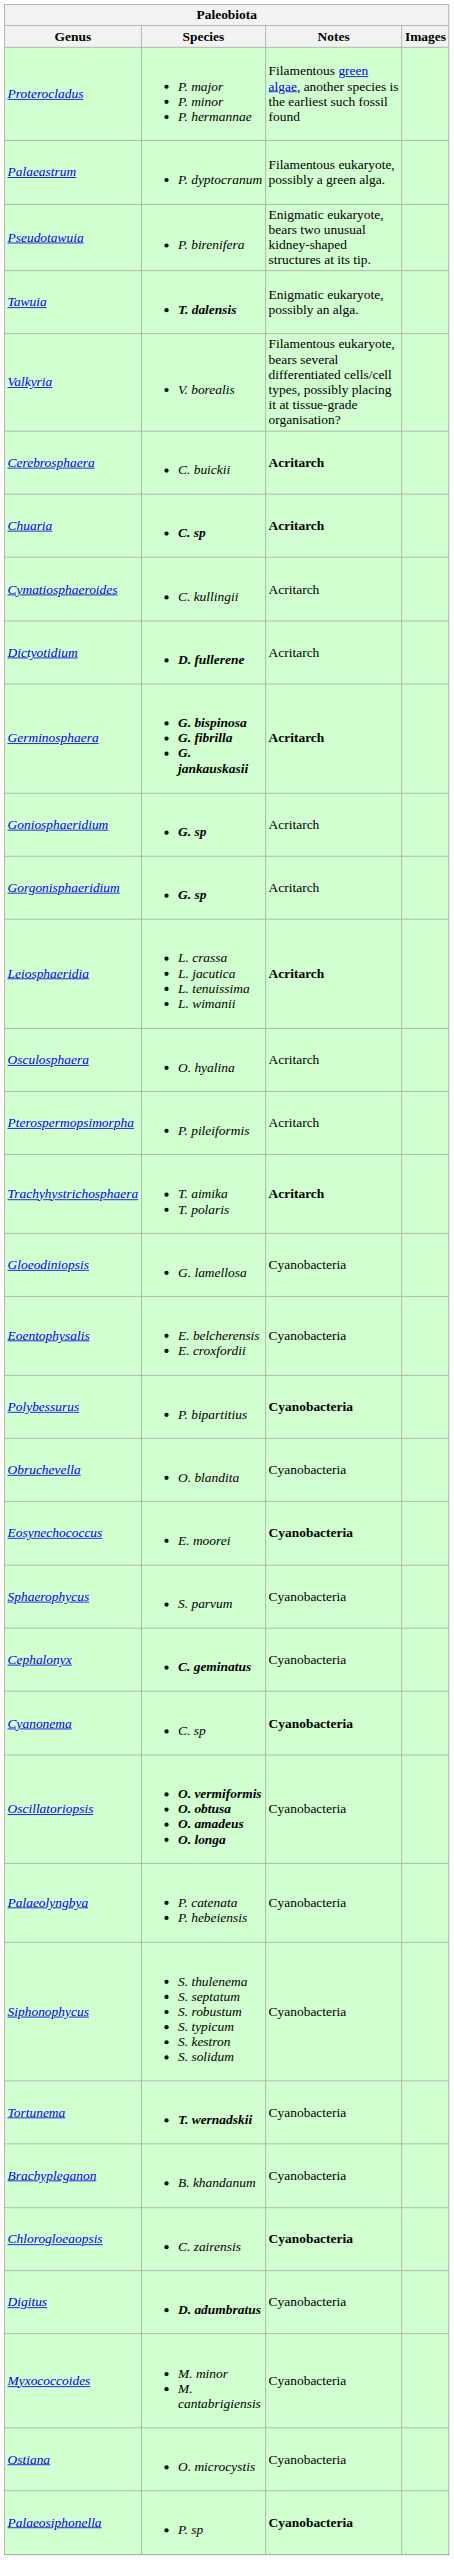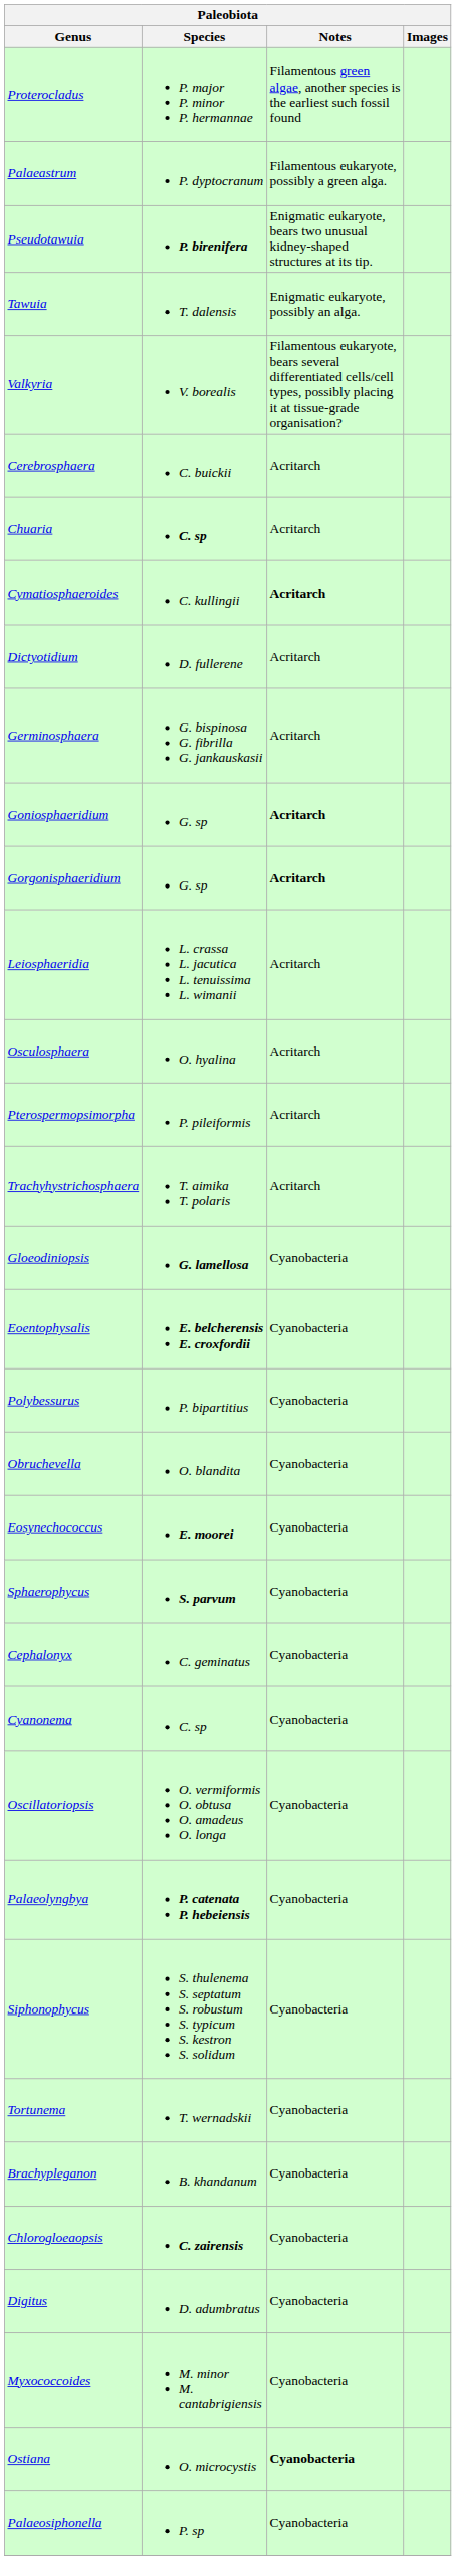 <table class="wikitable sortable" style="background:white; width:60%;">
 <tr>
 <th colspan="5" align="center">Paleobiota</th>
 </tr>
 <tr>
 <th>Genus</th>
 <th>Species</th>
 <th>Notes</th>
 <th>Images</th>
 </tr>
 <tr>
 <td style="background:#D1FFCF;"><em><a href='#'>Proterocladus</a></em></td>
 <td style="background:#D1FFCF;"><br><ul><li><em>P. major</em></li><li><em>P. minor</em></li><li><em>P. hermannae</em></li></ul></td>
 <td style="background:#D1FFCF;">Filamentous <a href='#'>green algae</a>, another species is the earliest such fossil found</td>
 <td style="background:#D1FFCF;"></td>
 </tr>
 <tr>
 <td style="background:#D1FFCF;"><em><a href='#'>Palaeastrum</a></em></td>
 <td style="background:#D1FFCF;"><br><ul><li><em>P. dyptocranum</em></li></ul></td>
 <td style="background:#D1FFCF;">Filamentous eukaryote, possibly a green alga.</td>
 <td style="background:#D1FFCF;"></td>
 </tr>
 <tr>
 <td style="background:#D1FFCF;"><em><a href='#'>Pseudotawuia</a></em></td>
-<td style="background:#D1FFCF;"><br><ul><li><em>P. birenifera</em></li></ul></td>
+<td style="background:#D1FFCF;"><strong><br><ul><li><em>P. birenifera</em></li></ul></strong></td>
 <td style="background:#D1FFCF;">Enigmatic eukaryote, bears two unusual kidney-shaped structures at its tip.</td>
 <td style="background:#D1FFCF;"></td>
 </tr>
 <tr>
 <td style="background:#D1FFCF;"><em><a href='#'>Tawuia</a></em></td>
-<td style="background:#D1FFCF;"><strong><br><ul><li><em>T. dalensis</em></li></ul></strong></td>
+<td style="background:#D1FFCF;"><br><ul><li><em>T. dalensis</em></li></ul></td>
 <td style="background:#D1FFCF;">Enigmatic eukaryote, possibly an alga.</td>
 <td style="background:#D1FFCF;"></td>
 </tr>
 <tr>
 <td style="background:#D1FFCF;"><em><a href='#'>Valkyria</a></em></td>
 <td style="background:#D1FFCF;"><br><ul><li><em>V. borealis</em></li></ul></td>
 <td style="background:#D1FFCF;">Filamentous eukaryote, bears several differentiated cells/cell types, possibly placing it at tissue-grade organisation?</td>
 <td style="background:#D1FFCF;"></td>
 </tr>
 <tr>
 <td style="background:#D1FFCF;"><em><a href='#'>Cerebrosphaera</a></em></td>
 <td style="background:#D1FFCF;"><br><ul><li><em>C. buickii</em></li></ul></td>
-<td style="background:#D1FFCF;"><strong>Acritarch</strong></td>
+<td style="background:#D1FFCF;">Acritarch</td>
 <td style="background:#D1FFCF;"></td>
 </tr>
 <tr>
 <td style="background:#D1FFCF;"><em><a href='#'>Chuaria</a></em></td>
 <td style="background:#D1FFCF;"><strong><br><ul><li><em>C. sp</em></li></ul></strong></td>
-<td style="background:#D1FFCF;"><strong>Acritarch</strong></td>
+<td style="background:#D1FFCF;">Acritarch</td>
 <td style="background:#D1FFCF;"></td>
 </tr>
 <tr>
 <td style="background:#D1FFCF;"><em><a href='#'>Cymatiosphaeroides</a></em></td>
 <td style="background:#D1FFCF;"><br><ul><li><em>C. kullingii</em></li></ul></td>
-<td style="background:#D1FFCF;">Acritarch</td>
+<td style="background:#D1FFCF;"><strong>Acritarch</strong></td>
 <td style="background:#D1FFCF;"></td>
 </tr>
 <tr>
 <td style="background:#D1FFCF;"><em><a href='#'>Dictyotidium</a></em></td>
-<td style="background:#D1FFCF;"><strong><br><ul><li><em>D. fullerene</em></li></ul></strong></td>
+<td style="background:#D1FFCF;"><br><ul><li><em>D. fullerene</em></li></ul></td>
 <td style="background:#D1FFCF;">Acritarch</td>
 <td style="background:#D1FFCF;"></td>
 </tr>
 <tr>
 <td style="background:#D1FFCF;"><em><a href='#'>Germinosphaera</a></em></td>
-<td style="background:#D1FFCF;"><strong><br><ul><li><em>G. bispinosa</em></li><li><em>G. fibrilla</em></li><li><em>G. jankauskasii</em></li></ul></strong></td>
+<td style="background:#D1FFCF;"><br><ul><li><em>G. bispinosa</em></li><li><em>G. fibrilla</em></li><li><em>G. jankauskasii</em></li></ul></td>
+<td style="background:#D1FFCF;">Acritarch</td>
+<td style="background:#D1FFCF;"></td>
+</tr>
+<tr>
+<td style="background:#D1FFCF;"><em><a href='#'>Goniosphaeridium</a></em></td>
+<td style="background:#D1FFCF;"><br><ul><li><em>G. sp</em></li></ul></td>
 <td style="background:#D1FFCF;"><strong>Acritarch</strong></td>
 <td style="background:#D1FFCF;"></td>
 </tr>
 <tr>
-<td style="background:#D1FFCF;"><em><a href='#'>Goniosphaeridium</a></em></td>
-<td style="background:#D1FFCF;"><strong><br><ul><li><em>G. sp</em></li></ul></strong></td>
-<td style="background:#D1FFCF;">Acritarch</td>
-<td style="background:#D1FFCF;"></td>
-</tr>
-<tr>
 <td style="background:#D1FFCF;"><em><a href='#'>Gorgonisphaeridium</a></em></td>
-<td style="background:#D1FFCF;"><strong><br><ul><li><em>G. sp</em></li></ul></strong></td>
-<td style="background:#D1FFCF;">Acritarch</td>
+<td style="background:#D1FFCF;"><br><ul><li><em>G. sp</em></li></ul></td>
+<td style="background:#D1FFCF;"><strong>Acritarch</strong></td>
 <td style="background:#D1FFCF;"></td>
 </tr>
 <tr>
 <td style="background:#D1FFCF;"><em><a href='#'>Leiosphaeridia</a></em></td>
 <td style="background:#D1FFCF;"><br><ul><li><em>L. crassa</em></li><li><em>L. jacutica</em></li><li><em>L. tenuissima</em></li><li><em>L. wimanii</em></li></ul></td>
-<td style="background:#D1FFCF;"><strong>Acritarch</strong></td>
+<td style="background:#D1FFCF;">Acritarch</td>
 <td style="background:#D1FFCF;"></td>
 </tr>
 <tr>
 <td style="background:#D1FFCF;"><em><a href='#'>Osculosphaera</a></em></td>
 <td style="background:#D1FFCF;"><br><ul><li><em>O. hyalina</em></li></ul></td>
 <td style="background:#D1FFCF;">Acritarch</td>
 <td style="background:#D1FFCF;"></td>
 </tr>
 <tr>
 <td style="background:#D1FFCF;"><em><a href='#'>Pterospermopsimorpha</a></em></td>
 <td style="background:#D1FFCF;"><br><ul><li><em>P. pileiformis</em></li></ul></td>
 <td style="background:#D1FFCF;">Acritarch</td>
 <td style="background:#D1FFCF;"></td>
 </tr>
 <tr>
 <td style="background:#D1FFCF;"><em><a href='#'>Trachyhystrichosphaera</a></em></td>
 <td style="background:#D1FFCF;"><br><ul><li><em>T. aimika</em></li><li><em>T. polaris</em></li></ul></td>
-<td style="background:#D1FFCF;"><strong>Acritarch</strong></td>
+<td style="background:#D1FFCF;">Acritarch</td>
 <td style="background:#D1FFCF;"></td>
 </tr>
 <tr>
 <td style="background:#D1FFCF;"><em><a href='#'>Gloeodiniopsis</a></em></td>
-<td style="background:#D1FFCF;"><br><ul><li><em>G. lamellosa</em></li></ul></td>
+<td style="background:#D1FFCF;"><strong><br><ul><li><em>G. lamellosa</em></li></ul></strong></td>
 <td style="background:#D1FFCF;">Cyanobacteria</td>
 <td style="background:#D1FFCF;"></td>
 </tr>
 <tr>
 <td style="background:#D1FFCF;"><em><a href='#'>Eoentophysalis</a></em></td>
-<td style="background:#D1FFCF;"><br><ul><li><em>E. belcherensis</em></li><li><em>E. croxfordii</em></li></ul></td>
+<td style="background:#D1FFCF;"><strong><br><ul><li><em>E. belcherensis</em></li><li><em>E. croxfordii</em></li></ul></strong></td>
 <td style="background:#D1FFCF;">Cyanobacteria</td>
 <td style="background:#D1FFCF;"></td>
 </tr>
 <tr>
 <td style="background:#D1FFCF;"><em><a href='#'>Polybessurus</a></em></td>
 <td style="background:#D1FFCF;"><br><ul><li><em>P. bipartitius</em></li></ul></td>
-<td style="background:#D1FFCF;"><strong>Cyanobacteria</strong></td>
+<td style="background:#D1FFCF;">Cyanobacteria</td>
 <td style="background:#D1FFCF;"></td>
 </tr>
 <tr>
 <td style="background:#D1FFCF;"><em><a href='#'>Obruchevella</a></em></td>
 <td style="background:#D1FFCF;"><br><ul><li><em>O. blandita</em></li></ul></td>
 <td style="background:#D1FFCF;">Cyanobacteria</td>
 <td style="background:#D1FFCF;"></td>
 </tr>
 <tr>
 <td style="background:#D1FFCF;"><em><a href='#'>Eosynechococcus</a></em></td>
-<td style="background:#D1FFCF;"><br><ul><li><em>E. moorei</em></li></ul></td>
-<td style="background:#D1FFCF;"><strong>Cyanobacteria</strong></td>
+<td style="background:#D1FFCF;"><strong><br><ul><li><em>E. moorei</em></li></ul></strong></td>
+<td style="background:#D1FFCF;">Cyanobacteria</td>
 <td style="background:#D1FFCF;"></td>
 </tr>
 <tr>
 <td style="background:#D1FFCF;"><em><a href='#'>Sphaerophycus</a></em></td>
-<td style="background:#D1FFCF;"><br><ul><li><em>S. parvum</em></li></ul></td>
+<td style="background:#D1FFCF;"><strong><br><ul><li><em>S. parvum</em></li></ul></strong></td>
 <td style="background:#D1FFCF;">Cyanobacteria</td>
 <td style="background:#D1FFCF;"></td>
 </tr>
 <tr>
 <td style="background:#D1FFCF;"><em><a href='#'>Cephalonyx</a></em></td>
-<td style="background:#D1FFCF;"><strong><br><ul><li><em>C. geminatus</em></li></ul></strong></td>
+<td style="background:#D1FFCF;"><br><ul><li><em>C. geminatus</em></li></ul></td>
 <td style="background:#D1FFCF;">Cyanobacteria</td>
 <td style="background:#D1FFCF;"></td>
 </tr>
 <tr>
 <td style="background:#D1FFCF;"><em><a href='#'>Cyanonema</a></em></td>
 <td style="background:#D1FFCF;"><br><ul><li><em>C. sp</em></li></ul></td>
-<td style="background:#D1FFCF;"><strong>Cyanobacteria</strong></td>
+<td style="background:#D1FFCF;">Cyanobacteria</td>
 <td style="background:#D1FFCF;"></td>
 </tr>
 <tr>
 <td style="background:#D1FFCF;"><em><a href='#'>Oscillatoriopsis</a></em></td>
-<td style="background:#D1FFCF;"><strong><br><ul><li><em>O. vermiformis</em></li><li><em>O. obtusa</em></li><li><em>O. amadeus</em></li><li><em>O. longa</em></li></ul></strong></td>
+<td style="background:#D1FFCF;"><br><ul><li><em>O. vermiformis</em></li><li><em>O. obtusa</em></li><li><em>O. amadeus</em></li><li><em>O. longa</em></li></ul></td>
 <td style="background:#D1FFCF;">Cyanobacteria</td>
 <td style="background:#D1FFCF;"></td>
 </tr>
 <tr>
 <td style="background:#D1FFCF;"><em><a href='#'>Palaeolyngbya</a></em></td>
-<td style="background:#D1FFCF;"><br><ul><li><em>P. catenata</em></li><li><em>P. hebeiensis</em></li></ul></td>
+<td style="background:#D1FFCF;"><strong><br><ul><li><em>P. catenata</em></li><li><em>P. hebeiensis</em></li></ul></strong></td>
 <td style="background:#D1FFCF;">Cyanobacteria</td>
 <td style="background:#D1FFCF;"></td>
 </tr>
 <tr>
 <td style="background:#D1FFCF;"><em><a href='#'>Siphonophycus</a></em></td>
 <td style="background:#D1FFCF;"><br><ul><li><em>S. thulenema</em></li><li><em>S. septatum</em></li><li><em>S. robustum</em></li><li><em>S. typicum</em></li><li><em>S. kestron</em></li><li><em>S. solidum</em></li></ul></td>
 <td style="background:#D1FFCF;">Cyanobacteria</td>
 <td style="background:#D1FFCF;"></td>
 </tr>
 <tr>
 <td style="background:#D1FFCF;"><em><a href='#'>Tortunema</a></em></td>
-<td style="background:#D1FFCF;"><strong><br><ul><li><em>T. wernadskii</em></li></ul></strong></td>
+<td style="background:#D1FFCF;"><br><ul><li><em>T. wernadskii</em></li></ul></td>
 <td style="background:#D1FFCF;">Cyanobacteria</td>
 <td style="background:#D1FFCF;"></td>
 </tr>
 <tr>
 <td style="background:#D1FFCF;"><em><a href='#'>Brachypleganon</a></em></td>
 <td style="background:#D1FFCF;"><br><ul><li><em>B. khandanum</em></li></ul></td>
 <td style="background:#D1FFCF;">Cyanobacteria</td>
 <td style="background:#D1FFCF;"></td>
 </tr>
 <tr>
 <td style="background:#D1FFCF;"><em><a href='#'>Chlorogloeaopsis</a></em></td>
-<td style="background:#D1FFCF;"><br><ul><li><em>C. zairensis</em></li></ul></td>
-<td style="background:#D1FFCF;"><strong>Cyanobacteria</strong></td>
+<td style="background:#D1FFCF;"><strong><br><ul><li><em>C. zairensis</em></li></ul></strong></td>
+<td style="background:#D1FFCF;">Cyanobacteria</td>
 <td style="background:#D1FFCF;"></td>
 </tr>
 <tr>
 <td style="background:#D1FFCF;"><em><a href='#'>Digitus</a></em></td>
-<td style="background:#D1FFCF;"><strong><br><ul><li><em>D. adumbratus</em></li></ul></strong></td>
+<td style="background:#D1FFCF;"><br><ul><li><em>D. adumbratus</em></li></ul></td>
 <td style="background:#D1FFCF;">Cyanobacteria</td>
 <td style="background:#D1FFCF;"></td>
 </tr>
 <tr>
 <td style="background:#D1FFCF;"><em><a href='#'>Myxococcoides</a></em></td>
 <td style="background:#D1FFCF;"><br><ul><li><em>M. minor</em></li><li><em>M. cantabrigiensis</em></li></ul></td>
 <td style="background:#D1FFCF;">Cyanobacteria</td>
 <td style="background:#D1FFCF;"></td>
 </tr>
 <tr>
 <td style="background:#D1FFCF;"><em><a href='#'>Ostiana</a></em></td>
 <td style="background:#D1FFCF;"><br><ul><li><em>O. microcystis</em></li></ul></td>
-<td style="background:#D1FFCF;">Cyanobacteria</td>
+<td style="background:#D1FFCF;"><strong>Cyanobacteria</strong></td>
 <td style="background:#D1FFCF;"></td>
 </tr>
 <tr>
 <td style="background:#D1FFCF;"><em><a href='#'>Palaeosiphonella</a></em></td>
 <td style="background:#D1FFCF;"><br><ul><li><em>P. sp</em></li></ul></td>
-<td style="background:#D1FFCF;"><strong>Cyanobacteria</strong></td>
+<td style="background:#D1FFCF;">Cyanobacteria</td>
 <td style="background:#D1FFCF;"></td>
 </tr>
 <tr>
 </tr>
 </table>
